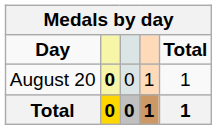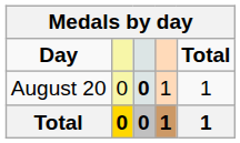 <table class="wikitable" style="font-size:85%; float:right">
 <tr align=center>
 <th colspan=7>Medals by day</th>
 </tr>
 <tr align=center>
 <td><strong>Day</strong></td>
 <td style="background:#f7f6a8;"></td>
 <td style="background:#dce5e5;"></td>
 <td style="background:#ffdab9;"></td>
 <td><strong>Total</strong></td>
 </tr>
 <tr align=center>
 <td>August 20</td>
-<td style="background:#f7f6a8;"><strong>0</strong></td>
-<td style="background:#dce5e5;">0</td>
+<td style="background:#f7f6a8;">0</td>
+<td style="background:#dce5e5;"><strong>0</strong></td>
 <td style="background:#ffdab9;">1</td>
 <td>1</td>
 </tr>
 <tr align=center>
 <th>Total</th>
 <th style="background:gold;">0</th>
 <th style="background:silver;">0</th>
 <th style="background:#c96;">1</th>
 <th>1</th>
 </tr>
 </table>
